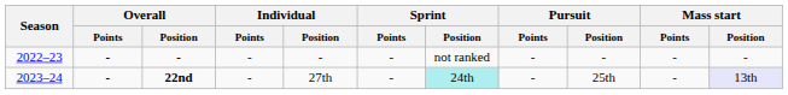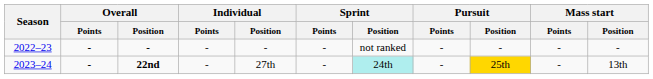 <table class="wikitable" style="text-align:center;" width="75%">
 <tr class="hintergrundfarbe5">
 <th rowspan="2" style="width:4%;">Season</th>
 <th colspan="2">Overall</th>
 <th colspan="2">Individual</th>
 <th colspan="2">Sprint</th>
 <th colspan="2">Pursuit</th>
 <th colspan="2">Mass start</th>
 </tr>
 <tr class="hintergrundfarbe5">
 <th style="width:5%;"><small>Points</small></th>
 <th style="width:5%;"><small>Position</small></th>
 <th style="width:5%;"><small>Points</small></th>
 <th style="width:5%;"><small>Position</small></th>
 <th style="width:5%;"><small>Points</small></th>
 <th style="width:5%;"><small>Position</small></th>
 <th style="width:5%;"><small>Points</small></th>
 <th style="width:5%;"><small>Position</small></th>
 <th style="width:5%;"><small>Points</small></th>
 <th style="width:5%;"><small>Position</small></th>
 </tr>
 <tr>
 <td><a href='#'>2022–23</a></td>
 <td><strong>-</strong></td>
 <td><strong>-</strong></td>
 <td>-</td>
 <td>-</td>
 <td>-</td>
 <td>not ranked</td>
 <td>-</td>
 <td>-</td>
 <td>-</td>
 <td>-</td>
 </tr>
 <tr>
 <td><a href='#'>2023–24</a></td>
 <td><strong>-</strong></td>
 <td><strong>22nd</strong></td>
 <td>-</td>
 <td>27th</td>
 <td>-</td>
 <td style="background: paleturquoise;">24th</td>
 <td>-</td>
-<td>25th</td>
+<td style="background: gold;">25th</td>
 <td>-</td>
-<td style="background: lavender;">13th</td>
+<td>13th</td>
 </tr>
 </table>
